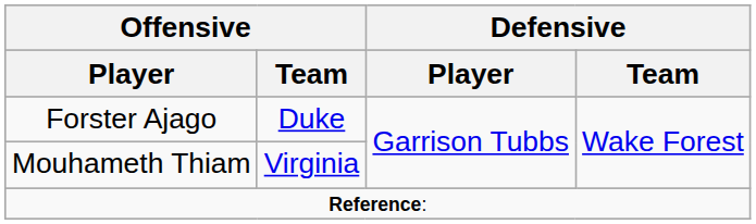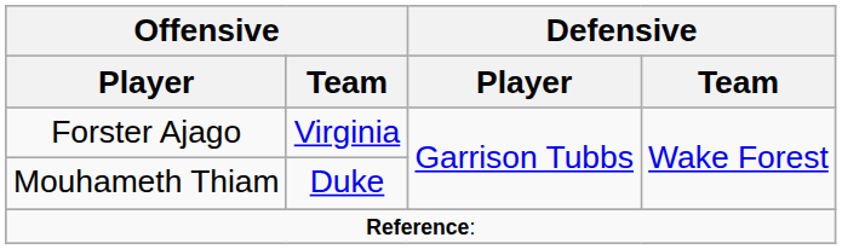 <table class="wikitable" style="text-align: center;">
 <tr>
 <th colspan="2">Offensive</th>
 <th colspan="2">Defensive</th>
 </tr>
 <tr>
 <th>Player</th>
 <th>Team</th>
 <th>Player</th>
 <th>Team</th>
 </tr>
 <tr>
 <td>Forster Ajago</td>
-<td><a href='#'>Duke</a></td>
+<td><a href='#'>Virginia</a></td>
 <td rowspan=2><a href='#'>Garrison Tubbs</a></td>
 <td rowspan=2><a href='#'>Wake Forest</a></td>
 </tr>
 <tr>
 <td>Mouhameth Thiam</td>
-<td><a href='#'>Virginia</a></td>
+<td><a href='#'>Duke</a></td>
 </tr>
 <tr>
 <td colspan="4"  style="font-size:8pt; text-align:center;"><strong>Reference</strong>:</td>
 </tr>
 </table>
